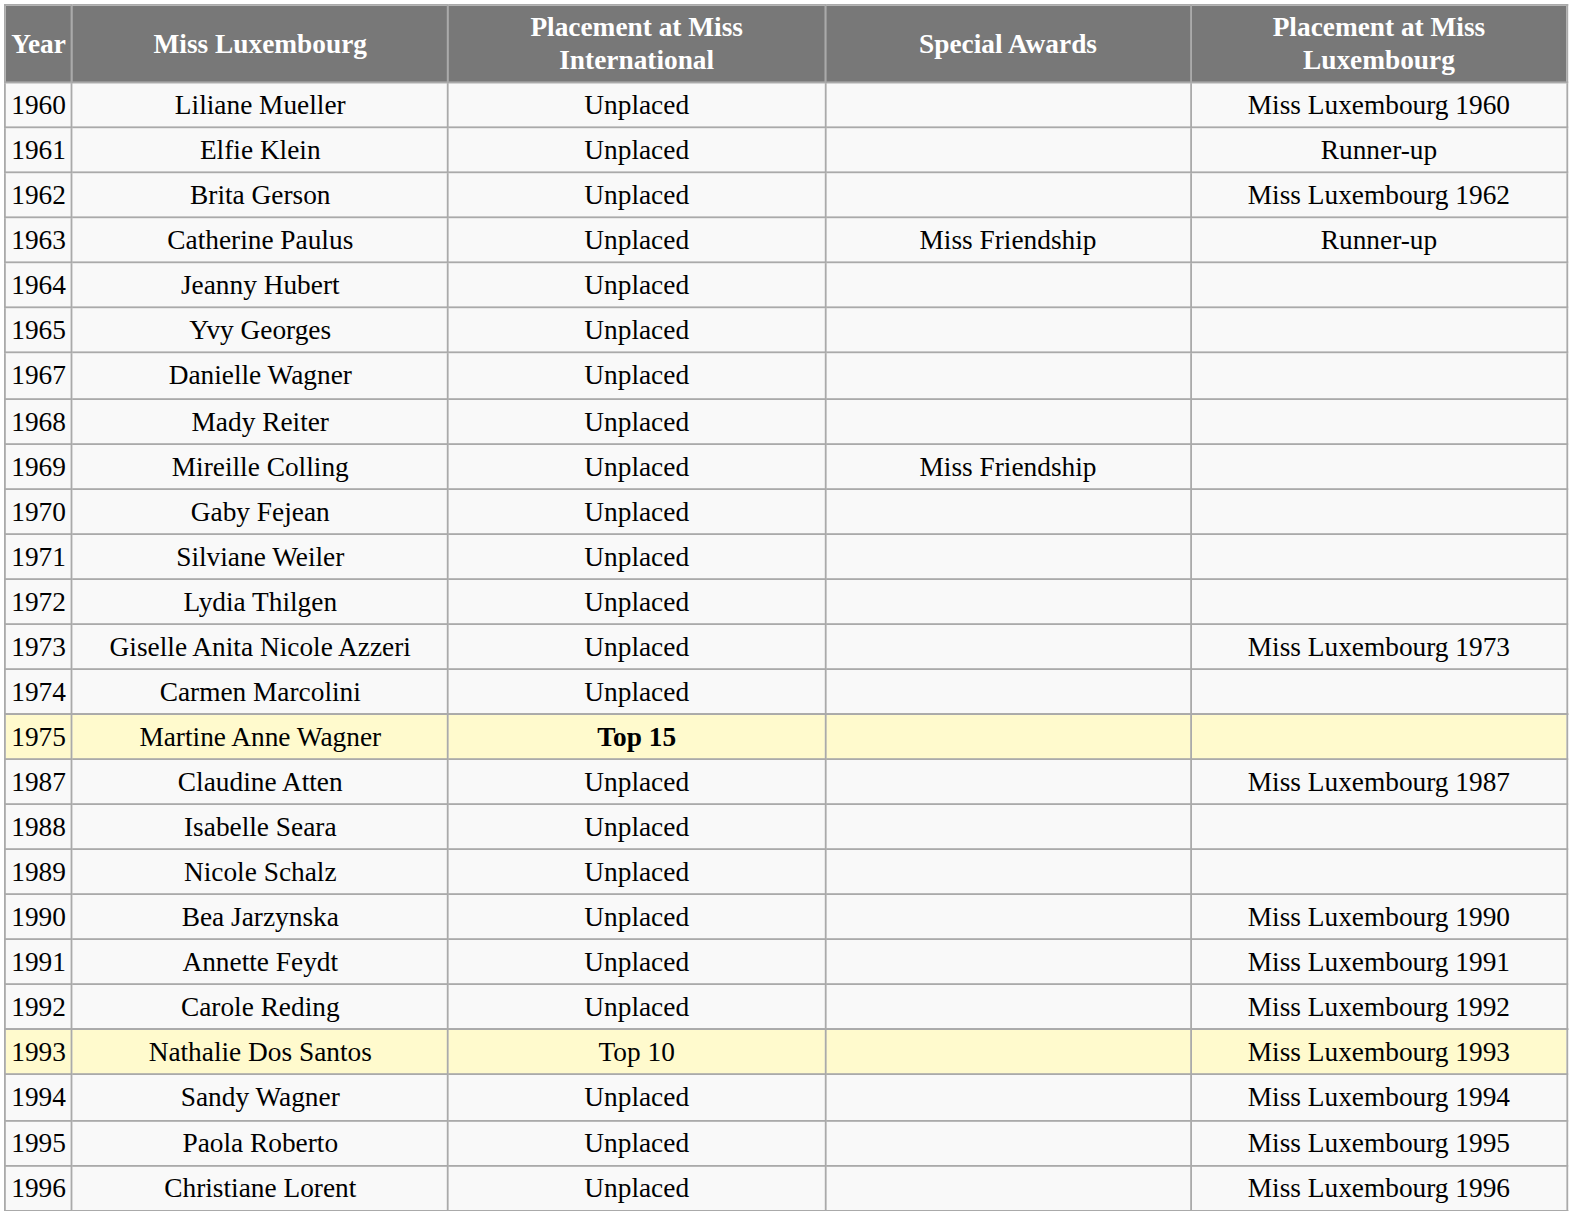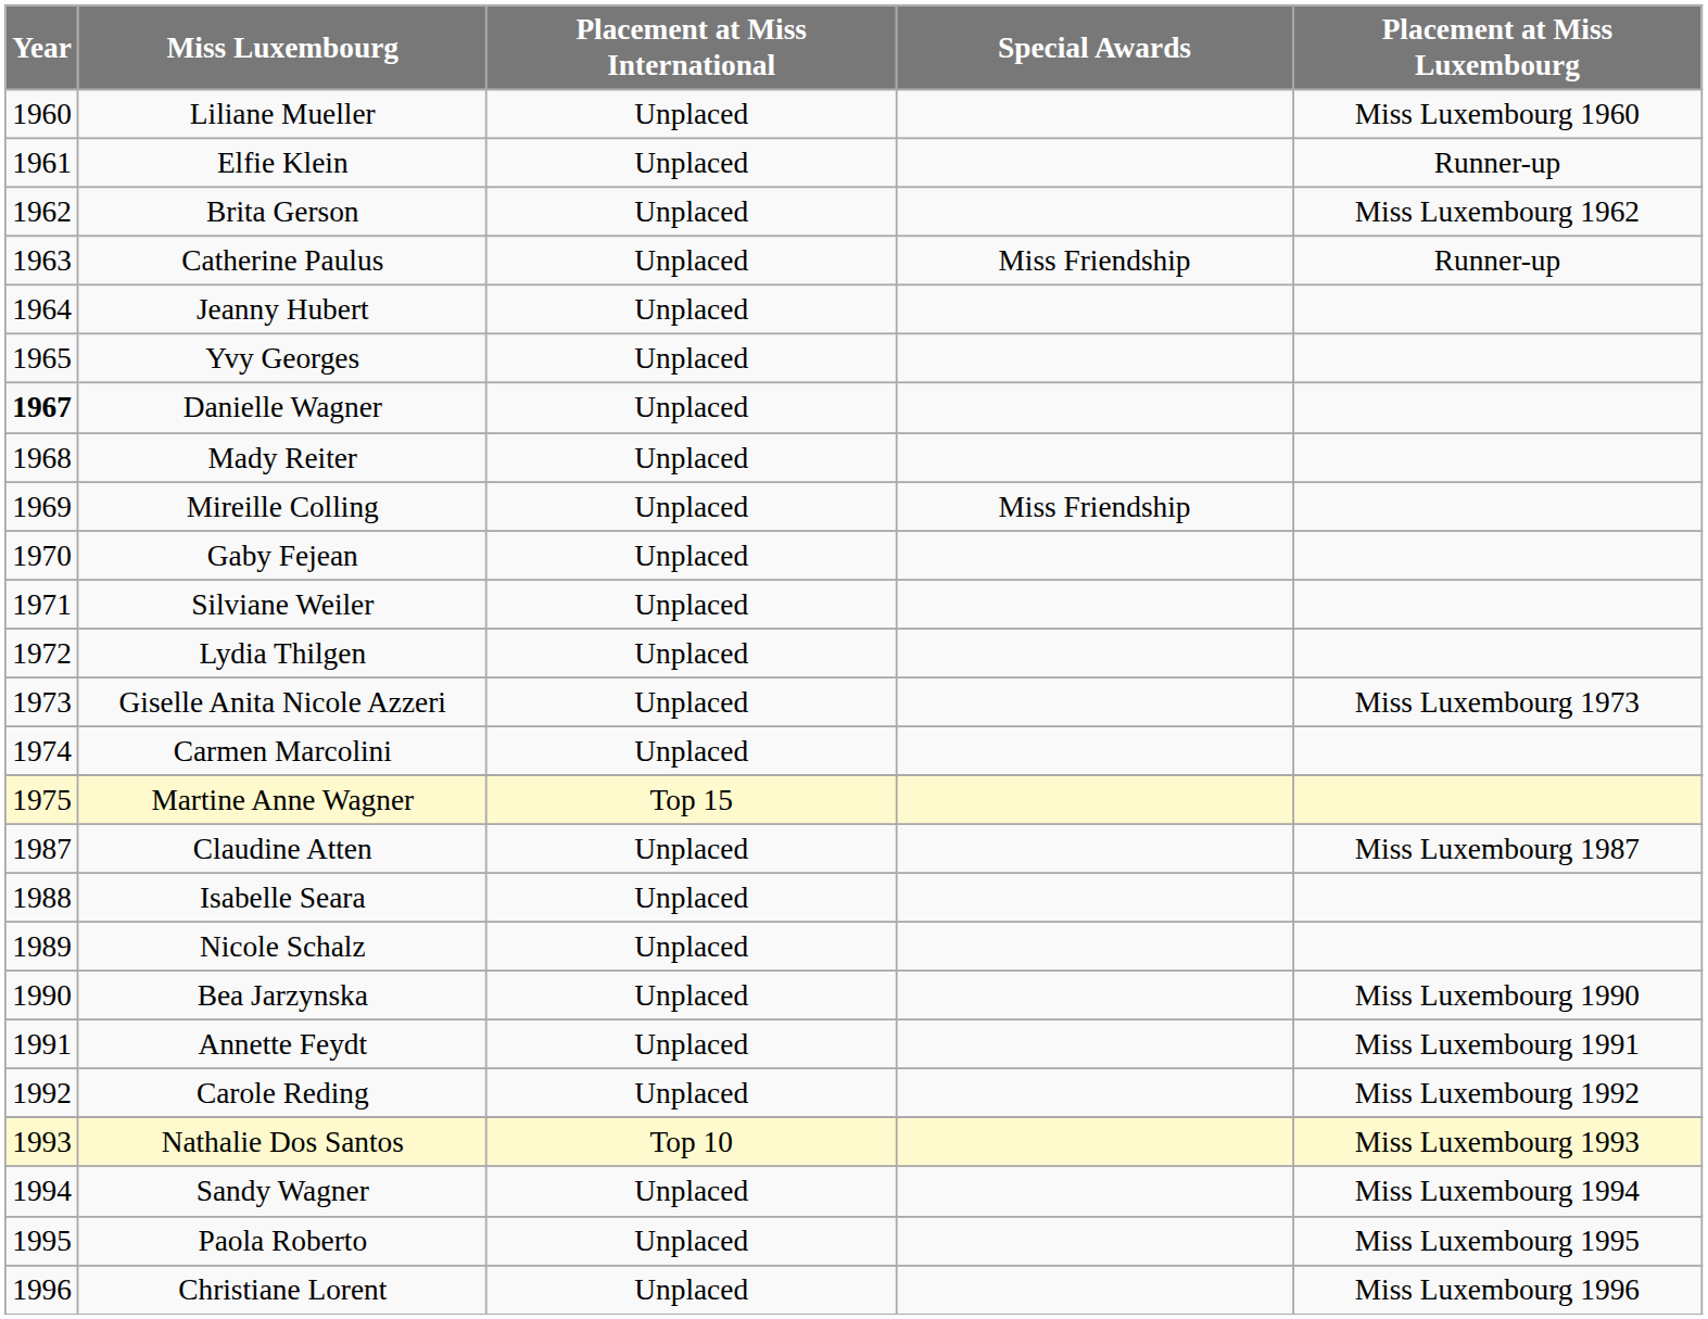 <table class="wikitable sortable" style="font-size: 95%; text-align:center">
 <tr>
 <th width="30" style="background-color:#787878;color:#FFFFFF;">Year</th>
 <th width="250" style="background-color:#787878;color:#FFFFFF;">Miss Luxembourg</th>
 <th width="250" style="background-color:#787878;color:#FFFFFF;">Placement at Miss International</th>
 <th width="250" style="background-color:#787878;color:#FFFFFF;">Special Awards</th>
 <th width="250" style="background-color:#787878;color:#FFFFFF;">Placement at Miss Luxembourg</th>
 </tr>
 <tr>
 <td>1960</td>
 <td>Liliane Mueller</td>
 <td>Unplaced</td>
 <td></td>
 <td>Miss Luxembourg 1960</td>
 </tr>
 <tr>
 <td>1961</td>
 <td>Elfie Klein</td>
 <td>Unplaced</td>
 <td></td>
 <td>Runner-up</td>
 </tr>
 <tr>
 <td>1962</td>
 <td>Brita Gerson</td>
 <td>Unplaced</td>
 <td></td>
 <td>Miss Luxembourg 1962</td>
 </tr>
 <tr>
 <td>1963</td>
 <td>Catherine Paulus</td>
 <td>Unplaced</td>
 <td>Miss Friendship</td>
 <td>Runner-up</td>
 </tr>
 <tr>
 <td>1964</td>
 <td>Jeanny Hubert</td>
 <td>Unplaced</td>
 <td></td>
 <td></td>
 </tr>
 <tr>
 <td>1965</td>
 <td>Yvy Georges</td>
 <td>Unplaced</td>
 <td></td>
 <td></td>
 </tr>
 <tr>
-<td>1967</td>
+<td><strong>1967</strong></td>
 <td>Danielle Wagner</td>
 <td>Unplaced</td>
 <td></td>
 <td></td>
 </tr>
 <tr>
 <td>1968</td>
 <td>Mady Reiter</td>
 <td>Unplaced</td>
 <td></td>
 <td></td>
 </tr>
 <tr>
 <td>1969</td>
 <td>Mireille Colling</td>
 <td>Unplaced</td>
 <td>Miss Friendship</td>
 <td></td>
 </tr>
 <tr>
 <td>1970</td>
 <td>Gaby Fejean</td>
 <td>Unplaced</td>
 <td></td>
 <td></td>
 </tr>
 <tr>
 <td>1971</td>
 <td>Silviane Weiler</td>
 <td>Unplaced</td>
 <td></td>
 <td></td>
 </tr>
 <tr>
 <td>1972</td>
 <td>Lydia Thilgen</td>
 <td>Unplaced</td>
 <td></td>
 <td></td>
 </tr>
 <tr>
 <td>1973</td>
 <td>Giselle Anita Nicole Azzeri</td>
 <td>Unplaced</td>
 <td></td>
 <td>Miss Luxembourg 1973</td>
 </tr>
 <tr>
 <td>1974</td>
 <td>Carmen Marcolini</td>
 <td>Unplaced</td>
 <td></td>
 <td></td>
 </tr>
 <tr>
 </tr>
 <tr style="background-color:#FFFACD;">
 <td>1975</td>
 <td>Martine Anne Wagner</td>
-<td><strong>Top 15</strong></td>
+<td>Top 15</td>
 <td></td>
 <td></td>
 </tr>
 <tr>
 <td>1987</td>
 <td>Claudine Atten</td>
 <td>Unplaced</td>
 <td></td>
 <td>Miss Luxembourg 1987</td>
 </tr>
 <tr>
 <td>1988</td>
 <td>Isabelle Seara</td>
 <td>Unplaced</td>
 <td></td>
 <td></td>
 </tr>
 <tr>
 <td>1989</td>
 <td>Nicole Schalz</td>
 <td>Unplaced</td>
 <td></td>
 <td></td>
 </tr>
 <tr>
 <td>1990</td>
 <td>Bea Jarzynska</td>
 <td>Unplaced</td>
 <td></td>
 <td>Miss Luxembourg 1990</td>
 </tr>
 <tr>
 <td>1991</td>
 <td>Annette Feydt</td>
 <td>Unplaced</td>
 <td></td>
 <td>Miss Luxembourg 1991</td>
 </tr>
 <tr>
 <td>1992</td>
 <td>Carole Reding</td>
 <td>Unplaced</td>
 <td></td>
 <td>Miss Luxembourg 1992</td>
 </tr>
 <tr>
 </tr>
 <tr style="background-color:#FFFACD;">
 <td>1993</td>
 <td>Nathalie Dos Santos</td>
 <td>Top 10</td>
 <td></td>
 <td>Miss Luxembourg 1993</td>
 </tr>
 <tr>
 <td>1994</td>
 <td>Sandy Wagner</td>
 <td>Unplaced</td>
 <td></td>
 <td>Miss Luxembourg 1994</td>
 </tr>
 <tr>
 <td>1995</td>
 <td>Paola Roberto</td>
 <td>Unplaced</td>
 <td></td>
 <td>Miss Luxembourg 1995</td>
 </tr>
 <tr>
 <td>1996</td>
 <td>Christiane Lorent</td>
 <td>Unplaced</td>
 <td></td>
 <td>Miss Luxembourg 1996</td>
 </tr>
 <tr>
 </tr>
 </table>
